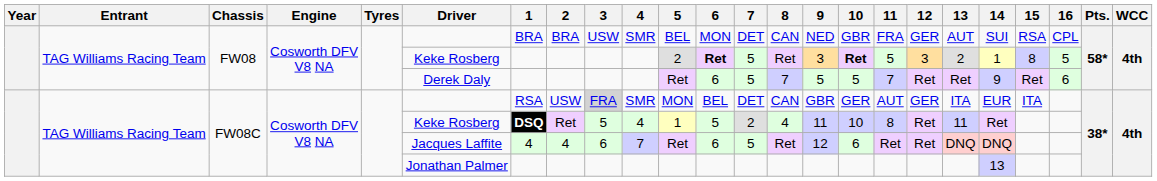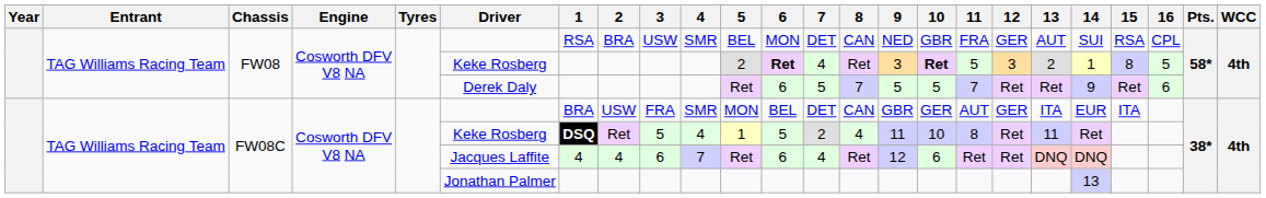 <table class="wikitable" style="text-align:center; font-size:95%">
 <tr>
 <th>Year</th>
 <th>Entrant</th>
 <th>Chassis</th>
 <th>Engine</th>
 <th>Tyres</th>
 <th>Driver</th>
 <th>1</th>
 <th>2</th>
 <th>3</th>
 <th>4</th>
 <th>5</th>
 <th>6</th>
 <th>7</th>
 <th>8</th>
 <th>9</th>
 <th>10</th>
 <th>11</th>
 <th>12</th>
 <th>13</th>
 <th>14</th>
 <th>15</th>
 <th>16</th>
 <th>Pts.</th>
 <th>WCC</th>
 </tr>
 <tr>
 <th rowspan="3"></th>
 <td rowspan="3"><a href='#'>TAG Williams Racing Team</a></td>
 <td rowspan="3">FW08</td>
 <td rowspan="3"><a href='#'>Cosworth DFV</a><br><a href='#'>V8</a> <a href='#'>NA</a></td>
 <td rowspan="3"></td>
 <td></td>
-<td><a href='#'>BRA</a></td>
+<td><a href='#'>RSA</a></td>
 <td><a href='#'>BRA</a></td>
 <td><a href='#'>USW</a></td>
 <td><a href='#'>SMR</a></td>
 <td><a href='#'>BEL</a></td>
 <td><a href='#'>MON</a></td>
 <td><a href='#'>DET</a></td>
 <td><a href='#'>CAN</a></td>
 <td><a href='#'>NED</a></td>
 <td><a href='#'>GBR</a></td>
 <td><a href='#'>FRA</a></td>
 <td><a href='#'>GER</a></td>
 <td><a href='#'>AUT</a></td>
 <td><a href='#'>SUI</a></td>
 <td><a href='#'>RSA</a></td>
 <td><a href='#'>CPL</a></td>
 <th rowspan="3">58*</th>
 <th rowspan="3">4th</th>
 </tr>
 <tr>
 <td><a href='#'>Keke Rosberg</a></td>
 <td></td>
 <td></td>
 <td></td>
 <td></td>
 <td style="background:#dfdfdf;">2</td>
 <td style="background:#efcfff;"><strong>Ret</strong></td>
-<td style="background:#dfffdf;">5</td>
+<td style="background:#dfffdf;">4</td>
 <td style="background:#efcfff;">Ret</td>
 <td style="background:#ffdf9f;">3</td>
 <td style="background:#efcfff;"><strong>Ret</strong></td>
 <td style="background:#dfffdf;">5</td>
 <td style="background:#ffdf9f;">3</td>
 <td style="background:#dfdfdf;">2</td>
 <td style="background:#ffffbf;">1</td>
 <td style="background:#cfcfff;">8</td>
 <td style="background:#dfffdf;">5</td>
 </tr>
 <tr>
 <td><a href='#'>Derek Daly</a></td>
 <td></td>
 <td></td>
 <td></td>
 <td></td>
 <td style="background:#efcfff;">Ret</td>
 <td style="background:#dfffdf;">6</td>
 <td style="background:#dfffdf;">5</td>
 <td style="background:#cfcfff;">7</td>
 <td style="background:#dfffdf;">5</td>
 <td style="background:#dfffdf;">5</td>
 <td style="background:#cfcfff;">7</td>
 <td style="background:#efcfff;">Ret</td>
 <td style="background:#efcfff;">Ret</td>
 <td style="background:#cfcfff;">9</td>
 <td style="background:#efcfff;">Ret</td>
 <td style="background:#dfffdf;">6</td>
 </tr>
 <tr>
 <th rowspan="4"></th>
 <td rowspan="4"><a href='#'>TAG Williams Racing Team</a></td>
 <td rowspan="4">FW08C</td>
 <td rowspan="4"><a href='#'>Cosworth DFV</a><br><a href='#'>V8</a> <a href='#'>NA</a></td>
 <td rowspan="4"></td>
 <td></td>
-<td><a href='#'>RSA</a></td>
+<td><a href='#'>BRA</a></td>
 <td><a href='#'>USW</a></td>
-<td style="background: lightgrey;"><a href='#'>FRA</a></td>
+<td><a href='#'>FRA</a></td>
 <td><a href='#'>SMR</a></td>
 <td><a href='#'>MON</a></td>
 <td><a href='#'>BEL</a></td>
 <td><a href='#'>DET</a></td>
 <td><a href='#'>CAN</a></td>
 <td><a href='#'>GBR</a></td>
 <td><a href='#'>GER</a></td>
 <td><a href='#'>AUT</a></td>
 <td><a href='#'>GER</a></td>
 <td><a href='#'>ITA</a></td>
 <td><a href='#'>EUR</a></td>
 <td><a href='#'>ITA</a></td>
 <td></td>
 <th rowspan="4">38*</th>
 <th rowspan="4">4th</th>
 </tr>
 <tr>
 <td><a href='#'>Keke Rosberg</a></td>
 <td style="background:#000000; color:white"><strong>DSQ</strong></td>
 <td style="background:#efcfff;">Ret</td>
 <td style="background:#dfffdf;">5</td>
 <td style="background:#dfffdf;">4</td>
 <td style="background:#ffffbf;">1</td>
 <td style="background:#dfffdf;">5</td>
 <td style="background:#dfdfdf;">2</td>
 <td style="background:#dfffdf;">4</td>
 <td style="background:#cfcfff;">11</td>
 <td style="background:#cfcfff;">10</td>
 <td style="background:#cfcfff;">8</td>
 <td style="background:#efcfff;">Ret</td>
 <td style="background:#cfcfff;">11</td>
 <td style="background:#efcfff;">Ret</td>
 <td></td>
 <td></td>
 </tr>
 <tr>
 <td><a href='#'>Jacques Laffite</a></td>
 <td style="background:#dfffdf;">4</td>
 <td style="background:#dfffdf;">4</td>
 <td style="background:#dfffdf;">6</td>
 <td style="background:#cfcfff;">7</td>
 <td style="background:#efcfff;">Ret</td>
 <td style="background:#dfffdf;">6</td>
-<td style="background:#dfffdf;">5</td>
+<td style="background:#dfffdf;">4</td>
 <td style="background:#efcfff;">Ret</td>
 <td style="background:#cfcfff;">12</td>
 <td style="background:#dfffdf;">6</td>
 <td style="background:#efcfff;">Ret</td>
 <td style="background:#efcfff;">Ret</td>
 <td style="background:#ffcfcf;">DNQ</td>
 <td style="background:#ffcfcf;">DNQ</td>
 <td></td>
 <td></td>
 </tr>
 <tr>
 <td><a href='#'>Jonathan Palmer</a></td>
 <td></td>
 <td></td>
 <td></td>
 <td></td>
 <td></td>
 <td></td>
 <td></td>
 <td></td>
 <td></td>
 <td></td>
 <td></td>
 <td></td>
 <td></td>
 <td style="background:#cfcfff;">13</td>
 <td></td>
 <td></td>
 </tr>
 </table>
